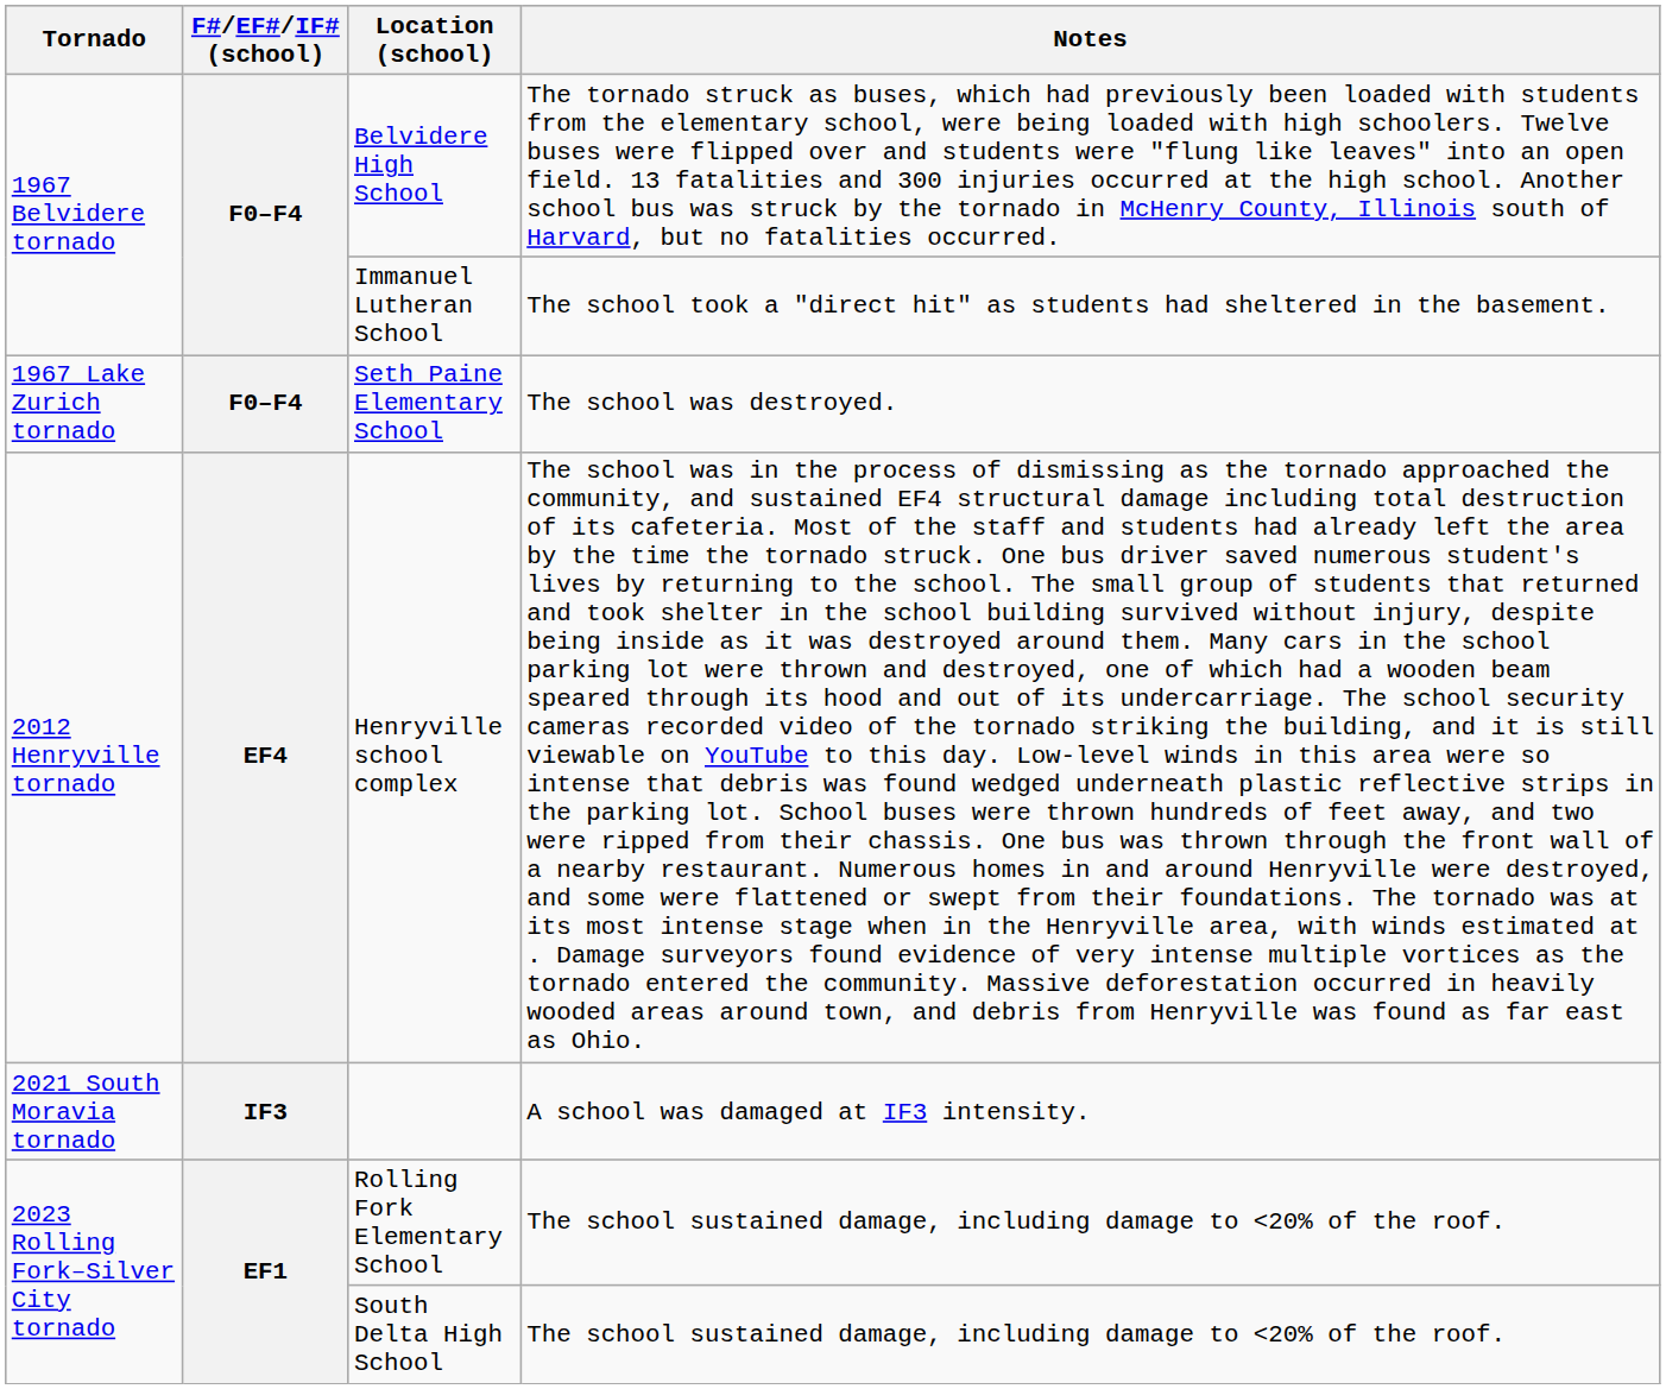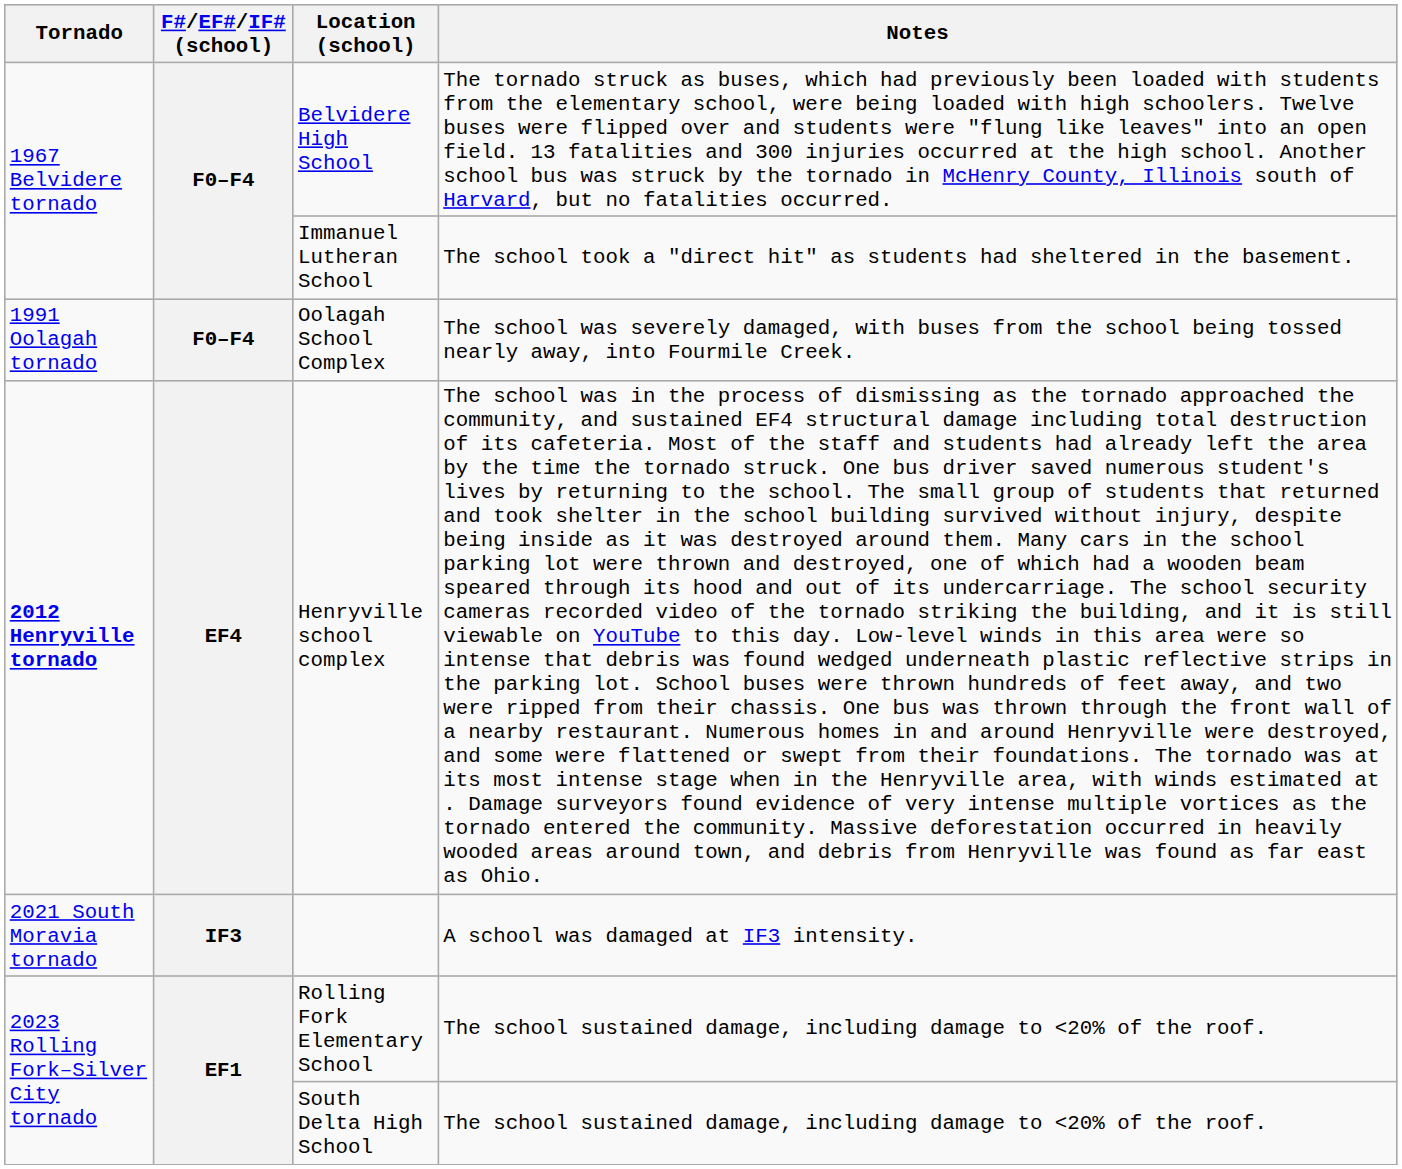 <table class="wikitable">
 <tr>
 <th>Tornado</th>
 <th><a href='#'>F#</a><strong>/</strong><a href='#'>EF#</a><strong>/</strong><a href='#'>IF#</a> (school)</th>
 <th>Location (school)</th>
 <th>Notes</th>
 </tr>
 <tr>
 <td scope="row" rowspan="2"><a href='#'>1967 Belvidere tornado</a></td>
 <th scope="row" rowspan="2" style="background-color:#">F0–F4</th>
 <td><a href='#'>Belvidere High School</a></td>
 <td>The tornado struck as buses, which had previously been loaded with students from the elementary school, were being loaded with high schoolers. Twelve buses were flipped over and students were "flung like leaves" into an open field. 13 fatalities and 300 injuries occurred at the high school. Another school bus was struck by the tornado in <a href='#'>McHenry County, Illinois</a> south of <a href='#'>Harvard</a>, but no fatalities occurred.</td>
 </tr>
 <tr>
 <td>Immanuel Lutheran School</td>
 <td>The school took a "direct hit" as students had sheltered in the basement.</td>
 </tr>
 <tr>
-<td scope="row" rowspan="1"><a href='#'>1967 Lake Zurich tornado</a></td>
+<td scope="row" rowspan="1"><a href='#'>1991 Oolagah tornado</a></td>
 <th scope="row" rowspan="1" style="background-color:#">F0–F4</th>
-<td><a href='#'>Seth Paine Elementary School</a></td>
-<td>The school was destroyed.</td>
+<td>Oolagah School Complex</td>
+<td>The school was severely damaged, with buses from the school being tossed nearly  away, into Fourmile Creek.</td>
 </tr>
 <tr>
-<td scope="row" rowspan="1"><a href='#'>2012 Henryville tornado</a></td>
+<td scope="row" rowspan="1"><strong><a href='#'>2012 Henryville tornado</a></strong></td>
 <th scope="row" rowspan="1" style="background-color:#">EF4</th>
 <td>Henryville school complex</td>
 <td>The school was in the process of dismissing as the tornado approached the community, and sustained EF4 structural damage including total destruction of its cafeteria. Most of the staff and students had already left the area by the time the tornado struck. One bus driver saved numerous student's lives by returning to the school. The small group of students that returned and took shelter in the school building survived without injury, despite being inside as it was destroyed around them. Many cars in the school parking lot were thrown and destroyed, one of which had a wooden beam speared through its hood and out of its undercarriage. The school security cameras recorded video of the tornado striking the building, and it is still viewable on <a href='#'>YouTube</a> to this day. Low-level winds in this area were so intense that debris was found wedged underneath plastic reflective strips in the parking lot. School buses were thrown hundreds of feet away, and two were ripped from their chassis. One bus was thrown through the front wall of a nearby restaurant. Numerous homes in and around Henryville were destroyed, and some were flattened or swept from their foundations. The tornado was at its most intense stage when in the Henryville area, with winds estimated at . Damage surveyors found evidence of very intense multiple vortices as the tornado entered the community. Massive deforestation occurred in heavily wooded areas around town, and debris from Henryville was found as far east as Ohio.</td>
 </tr>
 <tr>
 <td scope="row" rowspan="1"><a href='#'>2021 South Moravia tornado</a></td>
 <th scope="row" rowspan="1" style="background-color:#">IF3</th>
 <td></td>
 <td>A school was damaged at <a href='#'>IF3</a> intensity.</td>
 </tr>
 <tr>
 <td scope="row" rowspan="2"><a href='#'>2023 Rolling Fork–Silver City tornado</a></td>
 <th scope="row" rowspan="2" style="background-color:#">EF1</th>
 <td>Rolling Fork Elementary School</td>
 <td>The school sustained damage, including damage to <20% of the roof.</td>
 </tr>
 <tr>
 <td>South Delta High School</td>
 <td>The school sustained damage, including damage to <20% of the roof.</td>
 </tr>
 </table>
